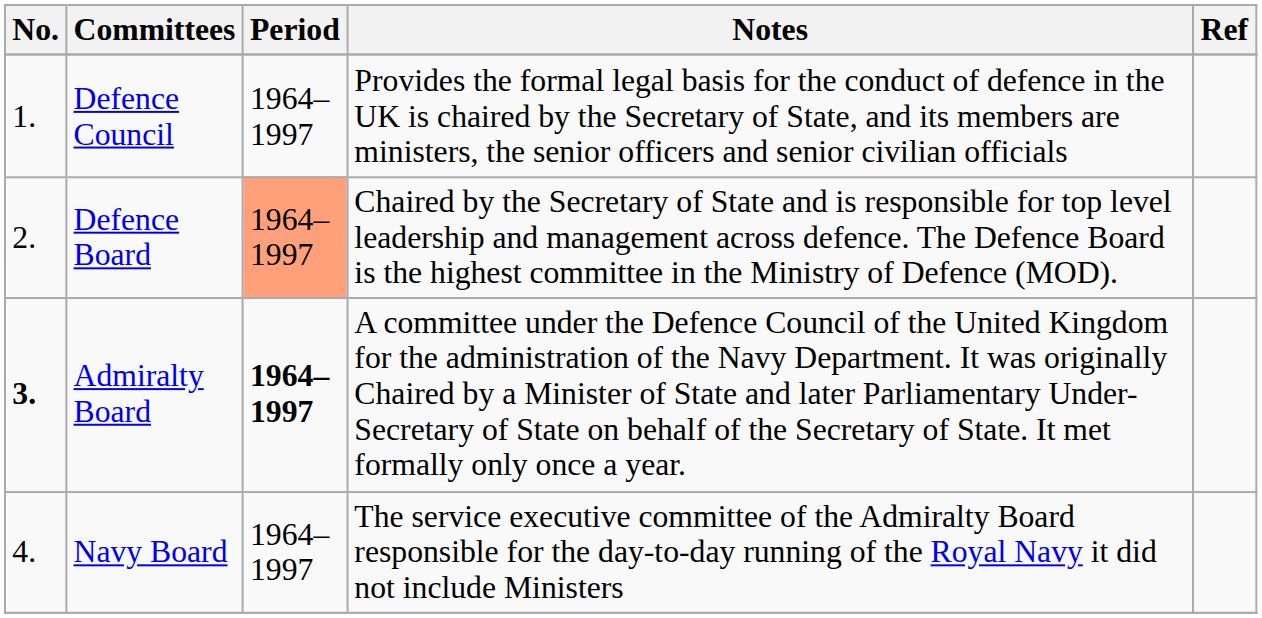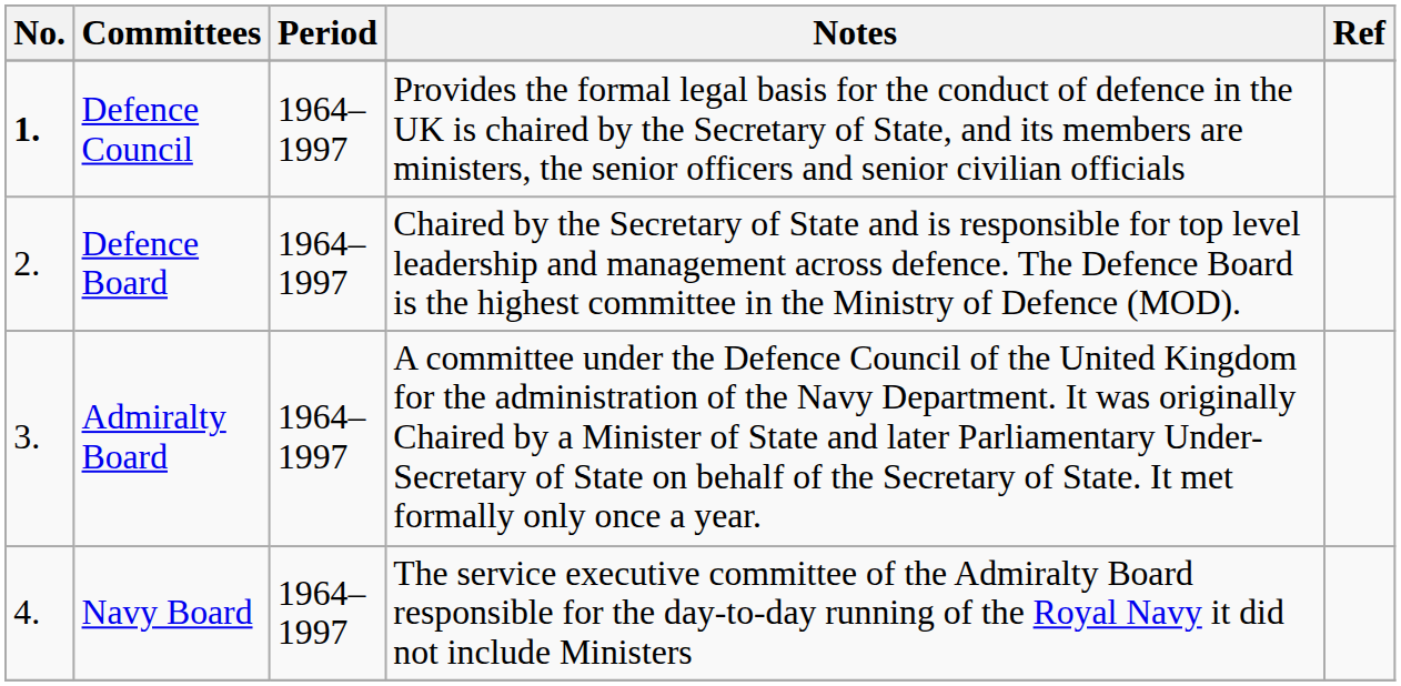 <table class="wikitable">
 <tr>
 <th width=5>No.</th>
 <th width=30>Committees</th>
 <th width=30>Period</th>
 <th width=420>Notes</th>
 <th width=5>Ref</th>
 </tr>
 <tr>
 </tr>
 <tr>
-<td>1.</td>
+<td><strong>1.</strong></td>
 <td><a href='#'>Defence Council</a></td>
 <td>1964–1997</td>
 <td>Provides the formal legal basis for the conduct of defence in the UK is chaired by the Secretary of State, and its members are ministers, the senior officers and senior civilian officials</td>
 <td></td>
 </tr>
 <tr>
 <td>2.</td>
 <td><a href='#'>Defence Board</a></td>
-<td style="background: lightsalmon;">1964–1997</td>
+<td>1964–1997</td>
 <td>Chaired by the Secretary of State and is responsible for top level leadership and management across defence. The Defence Board is the highest committee in the Ministry of Defence (MOD).</td>
 <td></td>
 </tr>
 <tr>
-<td><strong>3.</strong></td>
+<td>3.</td>
 <td><a href='#'>Admiralty Board</a></td>
-<td><strong>1964–1997</strong></td>
+<td>1964–1997</td>
 <td>A committee under the Defence Council of the United Kingdom for the administration of the Navy Department. It was originally Chaired by a Minister of State and later Parliamentary Under-Secretary of State on behalf of the Secretary of State. It met formally only once a year.</td>
 <td></td>
 </tr>
 <tr>
 <td>4.</td>
 <td><a href='#'>Navy Board</a></td>
 <td>1964–1997</td>
 <td>The service executive committee of the Admiralty Board responsible for the day-to-day running of the <a href='#'>Royal Navy</a> it did not include Ministers</td>
 <td></td>
 </tr>
 <tr>
 </tr>
 </table>
